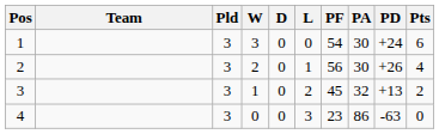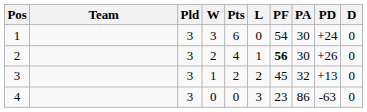 <table class="wikitable" style="text-align:center">
 <tr>
 <th width=20 abbr="Position">Pos</th>
 <th width=175>Team</th>
 <th width=20 abbr="Played">Pld</th>
 <th width=20 abbr="Won">W</th>
-<th width=20 abbr="Drawn">D</th>
+<th width=20 abbr="Points">Pts</th>
 <th width=20 abbr="Lost">L</th>
 <th width=20 abbr="Points for">PF</th>
 <th width=20 abbr="Points against">PA</th>
 <th width=25 abbr="Points difference">PD</th>
-<th width=20 abbr="Points">Pts</th>
+<th width=20 abbr="Drawn">D</th>
 </tr>
 <tr>
 <td>1</td>
 <td style="text-align:left"></td>
 <td>3</td>
 <td>3</td>
-<td>0</td>
+<td>6</td>
 <td>0</td>
 <td>54</td>
 <td>30</td>
 <td>+24</td>
-<td>6</td>
+<td>0</td>
 </tr>
 <tr>
 <td>2</td>
 <td style="text-align:left"></td>
 <td>3</td>
 <td>2</td>
-<td>0</td>
+<td>4</td>
 <td>1</td>
-<td>56</td>
+<td><strong>56</strong></td>
 <td>30</td>
 <td>+26</td>
-<td>4</td>
+<td>0</td>
 </tr>
 <tr>
 <td>3</td>
 <td style="text-align:left"></td>
 <td>3</td>
 <td>1</td>
-<td>0</td>
+<td>2</td>
 <td>2</td>
 <td>45</td>
 <td>32</td>
 <td>+13</td>
-<td>2</td>
+<td>0</td>
 </tr>
 <tr>
 <td>4</td>
 <td style="text-align:left"></td>
 <td>3</td>
 <td>0</td>
 <td>0</td>
 <td>3</td>
 <td>23</td>
 <td>86</td>
 <td>-63</td>
 <td>0</td>
 </tr>
 </table>
